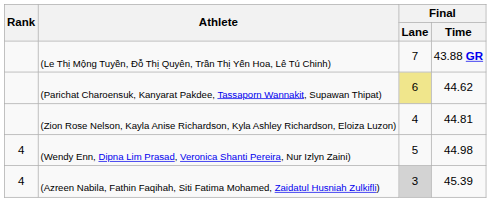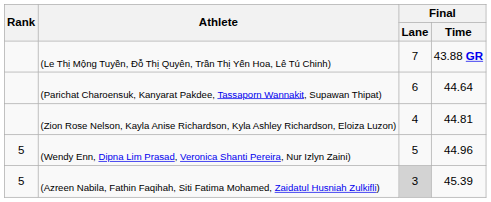 <table class="wikitable sortable"  style="text-align:center">
 <tr>
 <th rowspan="2" data-sort-type=number>Rank</th>
 <th rowspan="2">Athlete</th>
 <th colspan="2">Final</th>
 </tr>
 <tr>
 <th>Lane</th>
 <th>Time</th>
 </tr>
 <tr>
 <td></td>
 <td align="left"><br><small>(Le Thị Mộng Tuyền, Đỗ Thị Quyên, Trần Thị Yến Hoa, Lê Tú Chinh)</small></td>
 <td>7</td>
 <td>43.88 <strong><a href='#'>GR</a></strong></td>
 </tr>
 <tr>
 <td></td>
 <td align="left"><br><small>(Parichat Charoensuk, Kanyarat Pakdee, <a href='#'>Tassaporn Wannakit</a>, Supawan Thipat)</small></td>
-<td style="background: khaki;">6</td>
-<td>44.62</td>
+<td>6</td>
+<td>44.64</td>
 </tr>
 <tr>
 <td></td>
 <td align="left"><br><small>(Zion Rose Nelson, Kayla Anise Richardson, Kyla Ashley Richardson, Eloiza Luzon)</small></td>
 <td>4</td>
 <td>44.81</td>
 </tr>
 <tr>
-<td>4</td>
+<td>5</td>
 <td align="left"><br><small>(Wendy Enn, <a href='#'>Dipna Lim Prasad</a>, <a href='#'>Veronica Shanti Pereira</a>, Nur Izlyn Zaini)</small></td>
 <td>5</td>
-<td>44.98</td>
+<td>44.96</td>
 </tr>
 <tr>
-<td>4</td>
+<td>5</td>
 <td align="left"><br><small>(Azreen Nabila, Fathin Faqihah, Siti Fatima Mohamed, <a href='#'>Zaidatul Husniah Zulkifli</a>)</small></td>
 <td style="background: lightgrey;">3</td>
 <td>45.39</td>
 </tr>
 </table>
